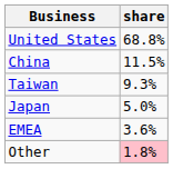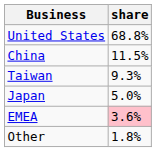 <table class="wikitable floatright">
 <tr>
 <th>Business</th>
 <th>share</th>
 </tr>
 <tr>
 <td><a href='#'>United States</a></td>
 <td>68.8%</td>
 </tr>
 <tr>
 <td><a href='#'>China</a></td>
 <td>11.5%</td>
 </tr>
 <tr>
 <td><a href='#'>Taiwan</a></td>
 <td>9.3%</td>
 </tr>
 <tr>
 <td><a href='#'>Japan</a></td>
 <td>5.0%</td>
 </tr>
 <tr>
 <td><a href='#'>EMEA</a></td>
-<td>3.6%</td>
+<td style="background: pink;">3.6%</td>
 </tr>
 <tr>
 <td>Other</td>
-<td style="background: pink;">1.8%</td>
+<td>1.8%</td>
 </tr>
 </table>
